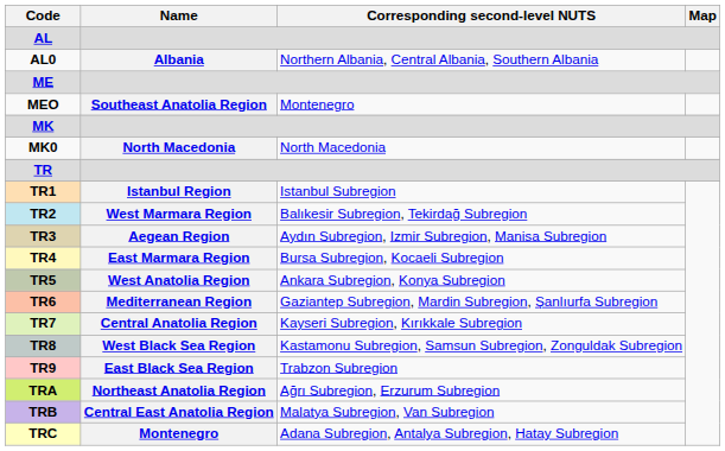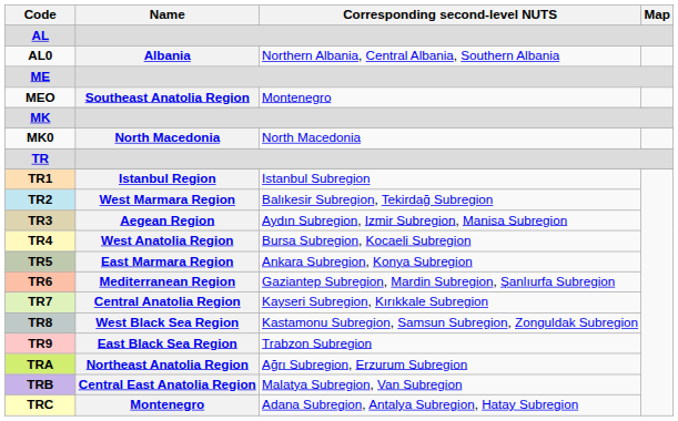 <table class="wikitable">
 <tr>
 <th width="80px";>Code</th>
 <th>Name</th>
 <th>Corresponding second-level NUTS</th>
 <th>Map</th>
 </tr>
 <tr>
 <th style="background: #DCDCDC"><a href='#'>AL</a></th>
 <th colspan="6" align="center"; style="background: #DCDCDC"> <span></span></th>
 </tr>
 <tr>
 <td style="background: transparent;" align="center"><strong>AL0</strong></td>
 <th><a href='#'>Albania</a></th>
 <td><a href='#'>Northern Albania</a>, <a href='#'>Central Albania</a>, <a href='#'>Southern Albania</a></td>
 <td rowspan="1" align="center"></td>
 </tr>
 <tr>
 <th style="background: #DCDCDC"><a href='#'>ME</a></th>
 <th colspan="6" align="center" ; style="background: #DCDCDC"> <span></span></th>
 </tr>
 <tr>
 <td style="background: transparent;" align="center"><strong>MEO</strong></td>
 <th><a href='#'>Southeast Anatolia Region</a></th>
 <td><a href='#'>Montenegro</a></td>
 <td rowspan="1" align="center"></td>
 </tr>
 <tr>
 <th style="background: #DCDCDC"><a href='#'>MK</a></th>
 <th colspan="6" align="center" ; style="background: #DCDCDC"> <span></span></th>
 </tr>
 <tr>
 <td style="background: transparent;" align="center"><strong>MK0</strong></td>
 <th><a href='#'>North Macedonia</a></th>
 <td><a href='#'>North Macedonia</a></td>
 <td rowspan="1" align="center"></td>
 </tr>
 <tr>
 <th style="background: #DCDCDC"><a href='#'>TR</a></th>
 <th colspan="6" align="center"; style="background: #DCDCDC"> <span></span></th>
 </tr>
 <tr>
 <td style="background: #FEDFB3;" align="center"><strong>TR1</strong></td>
 <th><a href='#'>Istanbul Region</a></th>
 <td><a href='#'>Istanbul Subregion</a></td>
 <td rowspan="12" align="center"></td>
 </tr>
 <tr>
 <td style="background: #C0E7F1;" align="center"><strong>TR2</strong></td>
 <th><a href='#'>West Marmara Region</a></th>
 <td><a href='#'>Balıkesir Subregion</a>, <a href='#'>Tekirdağ Subregion</a></td>
 </tr>
 <tr>
 <td style="background: #DED4B0;" align="center"><strong>TR3</strong></td>
 <th><a href='#'>Aegean Region</a></th>
 <td><a href='#'>Aydın Subregion</a>, <a href='#'>Izmir Subregion</a>, <a href='#'>Manisa Subregion</a></td>
 </tr>
 <tr>
 <td style="background: #FFF9BD;" align="center"><strong>TR4</strong></td>
-<th><a href='#'>East Marmara Region</a></th>
+<th><a href='#'>West Anatolia Region</a></th>
 <td><a href='#'>Bursa Subregion</a>, <a href='#'>Kocaeli Subregion</a></td>
 </tr>
 <tr>
 <td style="background: #BFC9AD;" align="center"><strong>TR5</strong></td>
-<th><a href='#'>West Anatolia Region</a></th>
+<th><a href='#'>East Marmara Region</a></th>
 <td><a href='#'>Ankara Subregion</a>, <a href='#'>Konya Subregion</a></td>
 </tr>
 <tr>
 <td style="background: #FCC0A7;" align="center"><strong>TR6</strong></td>
 <th><a href='#'>Mediterranean Region</a></th>
 <td><a href='#'>Gaziantep Subregion</a>, <a href='#'>Mardin Subregion</a>, <a href='#'>Şanlıurfa Subregion</a></td>
 </tr>
 <tr>
 <td style="background: #DFF2BC;" align="center"><strong>TR7</strong></td>
 <th><a href='#'>Central Anatolia Region</a></th>
 <td><a href='#'>Kayseri Subregion</a>, <a href='#'>Kırıkkale Subregion</a></td>
 </tr>
 <tr>
 <td style="background: #BFCAC8;" align="center"><strong>TR8</strong></td>
 <th><a href='#'>West Black Sea Region</a></th>
 <td><a href='#'>Kastamonu Subregion</a>, <a href='#'>Samsun Subregion</a>, <a href='#'>Zonguldak Subregion</a></td>
 </tr>
 <tr>
 <td style="background: #FFC8C8;" align="center"><strong>TR9</strong></td>
 <th><a href='#'>East Black Sea Region</a></th>
 <td><a href='#'>Trabzon Subregion</a></td>
 </tr>
 <tr>
 <td style="background: #D1EE71;" align="center"><strong>TRA</strong></td>
 <th><a href='#'>Northeast Anatolia Region</a></th>
 <td><a href='#'>Ağrı Subregion</a>, <a href='#'>Erzurum Subregion</a></td>
 </tr>
 <tr>
 <td style="background: #C7B3E9;" align="center"><strong>TRB</strong></td>
 <th><a href='#'>Central East Anatolia Region</a></th>
 <td><a href='#'>Malatya Subregion</a>, <a href='#'>Van Subregion</a></td>
 </tr>
 <tr>
 <td style="background: #FFFFBF;" align="center"><strong>TRC</strong></td>
 <th><a href='#'>Montenegro</a></th>
 <td><a href='#'>Adana Subregion</a>, <a href='#'>Antalya Subregion</a>, <a href='#'>Hatay Subregion</a></td>
 </tr>
 </table>
